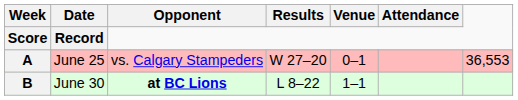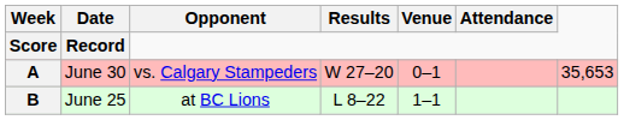 <table class="wikitable" style="text-align:center">
 <tr>
 <th>Week</th>
 <th>Date</th>
 <th>Opponent</th>
 <th>Results</th>
 <th>Venue</th>
 <th>Attendance</th>
 </tr>
 <tr>
 <th>Score</th>
 <th>Record</th>
 </tr>
 <tr style="background:#ffbbbb">
 <th>A</th>
-<td>June 25</td>
+<td>June 30</td>
 <td>vs. <a href='#'>Calgary Stampeders</a></td>
 <td>W 27–20</td>
 <td>0–1</td>
 <td></td>
-<td>36,553</td>
+<td>35,653</td>
 </tr>
 <tr style="background:#ddffdd">
 <th>B</th>
-<td>June 30</td>
-<td><strong>at <a href='#'>BC Lions</a></strong></td>
+<td>June 25</td>
+<td>at <a href='#'>BC Lions</a></td>
 <td>L 8–22</td>
 <td>1–1</td>
 <td></td>
 <td></td>
 </tr>
 </table>
